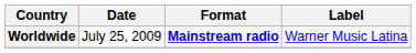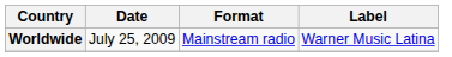 <table class="wikitable plainrowheaders">
 <tr>
 <th scope="col">Country</th>
 <th scope="col">Date</th>
 <th scope="col">Format</th>
 <th scope="col">Label</th>
 </tr>
 <tr>
 <th scope="row" rowspan="">Worldwide</th>
 <td rowspan="">July 25, 2009</td>
-<td rowspan=""><strong><a href='#'>Mainstream radio</a></strong></td>
+<td rowspan=""><a href='#'>Mainstream radio</a></td>
 <td rowspan=""><a href='#'>Warner Music Latina</a></td>
 </tr>
 <tr>
 </tr>
 </table>
